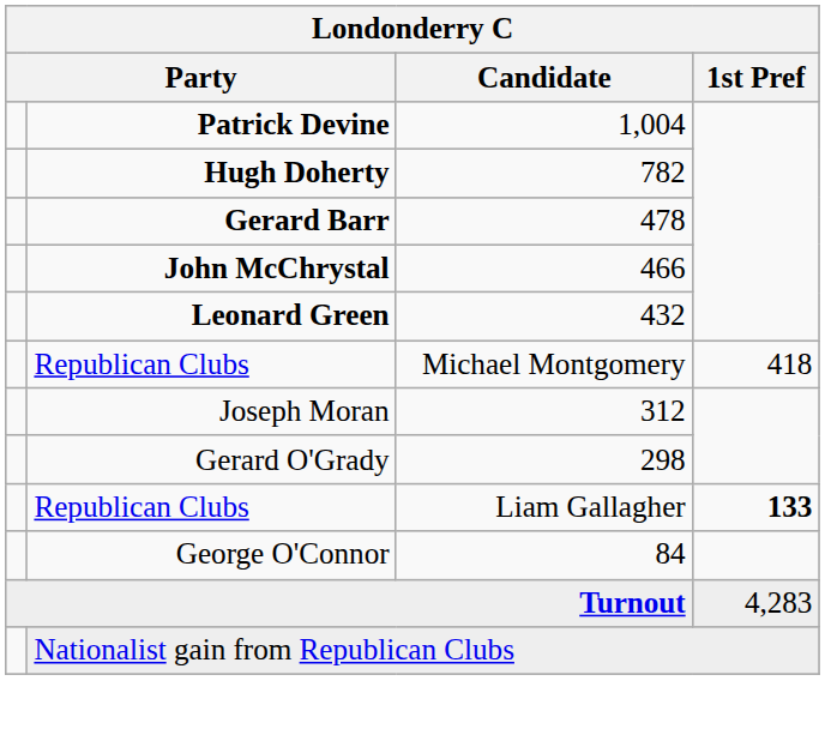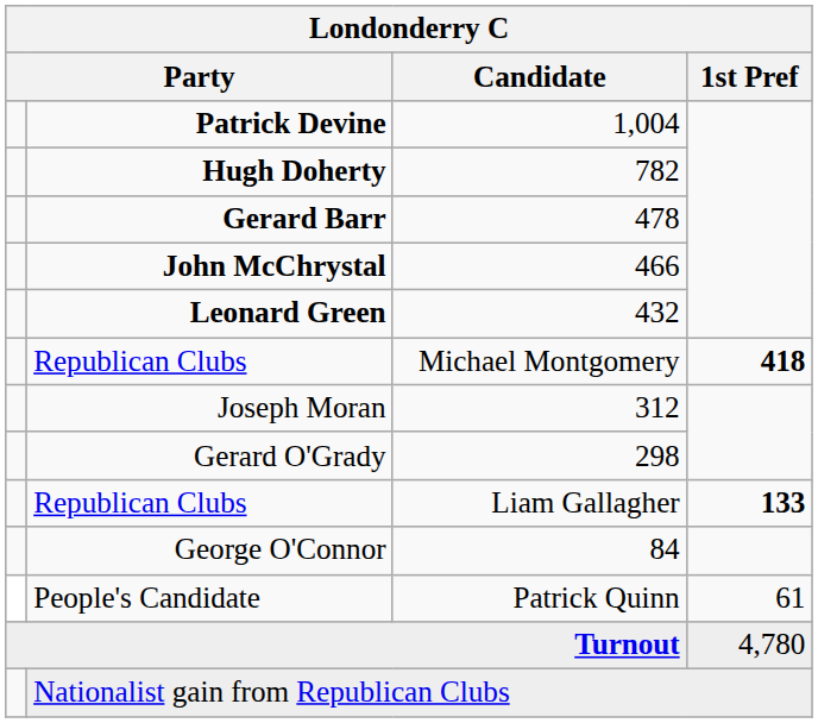 <table class="wikitable">
 <tr>
 <th colspan="4" align="center">Londonderry C</th>
 </tr>
 <tr>
 <th colspan="2" align="center" width=200>Party</th>
 <th width=150>Candidate</th>
 <th width=60>1st Pref</th>
 </tr>
 <tr>
 <td></td>
 <td align="right"><strong>Patrick Devine</strong></td>
 <td align="right">1,004</td>
 </tr>
 <tr>
 <td></td>
 <td align="right"><strong>Hugh Doherty</strong></td>
 <td align="right">782</td>
 </tr>
 <tr>
 <td></td>
 <td align="right"><strong>Gerard Barr</strong></td>
 <td align="right">478</td>
 </tr>
 <tr>
 <td></td>
 <td align="right"><strong>John McChrystal</strong></td>
 <td align="right">466</td>
 </tr>
 <tr>
 <td></td>
 <td align="right"><strong>Leonard Green</strong></td>
 <td align="right">432</td>
 </tr>
 <tr>
 <td style="background-color: "></td>
 <td><a href='#'>Republican Clubs</a></td>
 <td align="right">Michael Montgomery</td>
-<td align="right">418</td>
+<td align="right"><strong>418</strong></td>
 </tr>
 <tr>
 <td></td>
 <td align="right">Joseph Moran</td>
 <td align="right">312</td>
 </tr>
 <tr>
 <td></td>
 <td align="right">Gerard O'Grady</td>
 <td align="right">298</td>
 </tr>
 <tr>
 <td style="background-color: "></td>
 <td><a href='#'>Republican Clubs</a></td>
 <td align="right">Liam Gallagher</td>
 <td align="right"><strong>133</strong></td>
 </tr>
 <tr>
 <td></td>
 <td align="right">George O'Connor</td>
 <td align="right">84</td>
 </tr>
+<tr>
+<td style="background-color: #FFFFFF"></td>
+<td>People's Candidate</td>
+<td align="right">Patrick Quinn</td>
+<td align="right">61</td>
+</tr>
 <tr bgcolor="EEEEEE">
 <td colspan=3 align="right"><strong><a href='#'>Turnout</a></strong></td>
-<td align="right">4,283</td>
+<td align="right">4,780</td>
 </tr>
 <tr>
 <td bgcolor=></td>
 <td colspan=3 bgcolor="EEEEEE"><a href='#'>Nationalist</a> gain from <a href='#'>Republican Clubs</a></td>
 </tr>
 </table>
